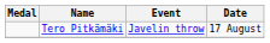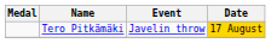 <table class="wikitable" style="font-size:90%">
 <tr>
 <th>Medal</th>
 <th>Name</th>
 <th>Event</th>
 <th>Date</th>
 </tr>
 <tr>
 <td></td>
 <td><a href='#'>Tero Pitkämäki</a></td>
 <td><a href='#'>Javelin throw</a></td>
-<td>17 August</td>
+<td style="background: gold;">17 August</td>
 </tr>
 <tr>
 </tr>
 </table>
